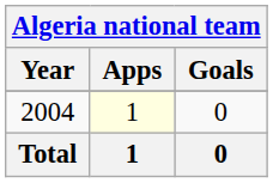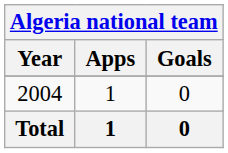 <table class="wikitable" style="text-align:center">
 <tr>
 <th colspan=3><a href='#'>Algeria national team</a></th>
 </tr>
 <tr>
 <th>Year</th>
 <th>Apps</th>
 <th>Goals</th>
 </tr>
 <tr>
 </tr>
 <tr>
 <td>2004</td>
-<td style="background: lightyellow;">1</td>
+<td>1</td>
 <td>0</td>
 </tr>
 <tr>
 <th>Total</th>
 <th>1</th>
 <th>0</th>
 </tr>
 </table>
